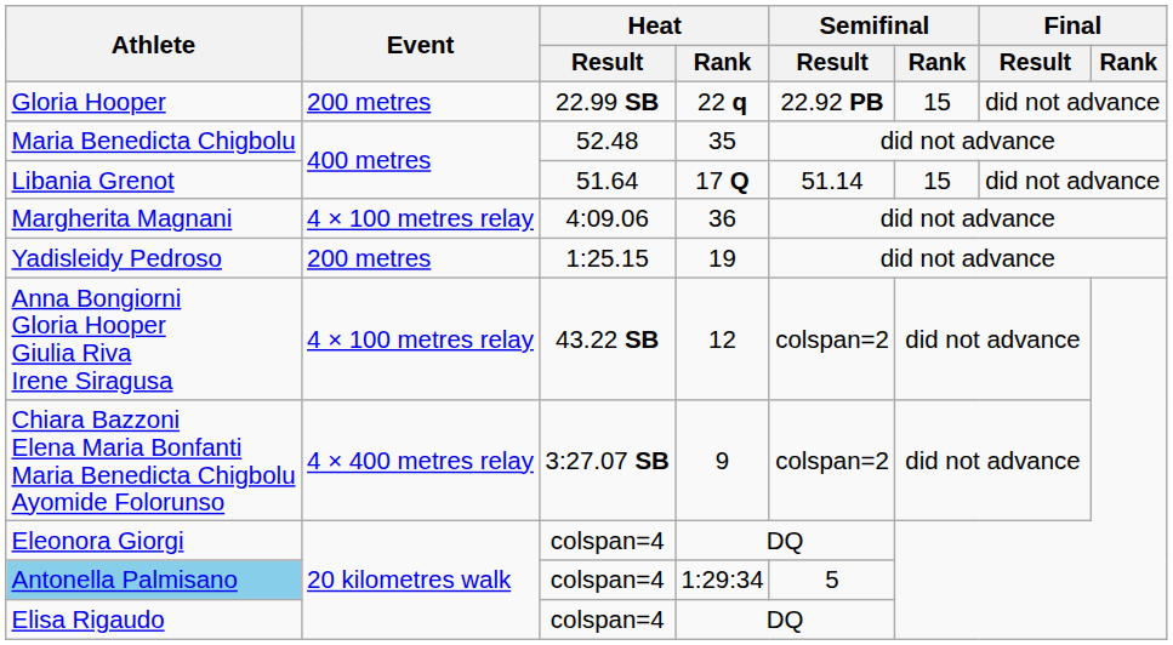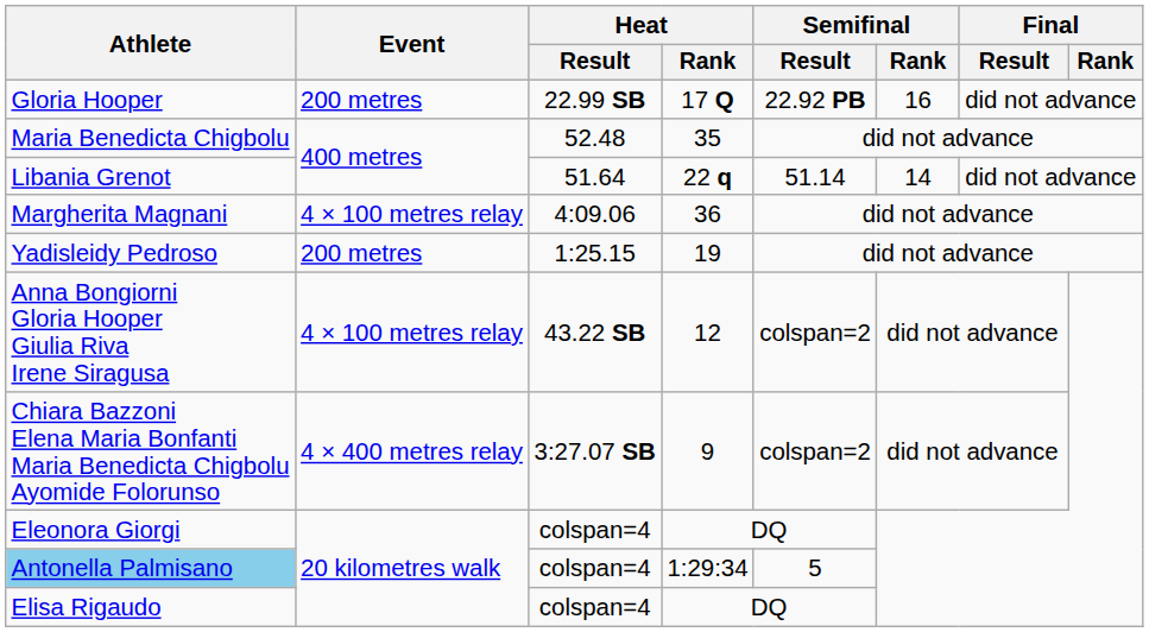 <table class="wikitable" style="font-size:90%">
 <tr>
 <th rowspan="2">Athlete</th>
 <th rowspan="2">Event</th>
 <th colspan="2">Heat</th>
 <th colspan="2">Semifinal</th>
 <th colspan="2">Final</th>
 </tr>
 <tr style="font-size:95%">
 <th>Result</th>
 <th>Rank</th>
 <th>Result</th>
 <th>Rank</th>
 <th>Result</th>
 <th>Rank</th>
 </tr>
 <tr style=text-align:center>
 <td style=text-align:left><a href='#'>Gloria Hooper</a></td>
 <td style=text-align:left><a href='#'>200 metres</a></td>
 <td>22.99 <strong>SB</strong></td>
-<td>22 <strong>q</strong></td>
+<td>17 <strong>Q</strong></td>
 <td>22.92 <strong>PB</strong></td>
-<td>15</td>
+<td>16</td>
 <td colspan="2">did not advance</td>
 </tr>
 <tr style=text-align:center>
 <td style=text-align:left><a href='#'>Maria Benedicta Chigbolu</a></td>
 <td style=text-align:left rowspan=2><a href='#'>400 metres</a></td>
 <td>52.48</td>
 <td>35</td>
 <td colspan="4">did not advance</td>
 </tr>
 <tr style=text-align:center>
 <td style=text-align:left><a href='#'>Libania Grenot</a></td>
 <td>51.64</td>
-<td>17 <strong>Q</strong></td>
+<td>22 <strong>q</strong></td>
 <td>51.14</td>
-<td>15</td>
+<td>14</td>
 <td colspan="2">did not advance</td>
 </tr>
 <tr style=text-align:center>
 <td style=text-align:left><a href='#'>Margherita Magnani</a></td>
 <td style=text-align:left><a href='#'>4 × 100 metres relay</a></td>
 <td>4:09.06</td>
 <td>36</td>
 <td colspan="4">did not advance</td>
 </tr>
 <tr style=text-align:center>
 <td style=text-align:left><a href='#'>Yadisleidy Pedroso</a></td>
 <td style=text-align:left><a href='#'>200 metres</a></td>
 <td>1:25.15</td>
 <td>19</td>
 <td colspan="4">did not advance</td>
 </tr>
 <tr style=text-align:center>
 <td style=text-align:left><a href='#'>Anna Bongiorni</a><br><a href='#'>Gloria Hooper</a><br><a href='#'>Giulia Riva</a><br><a href='#'>Irene Siragusa</a></td>
 <td style=text-align:left><a href='#'>4 × 100 metres relay</a></td>
 <td>43.22 <strong>SB</strong></td>
 <td>12</td>
 <td>colspan=2 </td>
 <td colspan="2">did not advance</td>
 </tr>
 <tr style=text-align:center>
 <td style=text-align:left><a href='#'>Chiara Bazzoni</a><br><a href='#'>Elena Maria Bonfanti</a><br><a href='#'>Maria Benedicta Chigbolu</a><br><a href='#'>Ayomide Folorunso</a></td>
 <td style=text-align:left><a href='#'>4 × 400 metres relay</a></td>
 <td>3:27.07 <strong>SB</strong></td>
 <td>9</td>
 <td>colspan=2 </td>
 <td colspan="2">did not advance</td>
 </tr>
 <tr style=text-align:center>
 <td style=text-align:left><a href='#'>Eleonora Giorgi</a></td>
 <td style=text-align:left rowspan=3><a href='#'>20 kilometres walk</a></td>
 <td>colspan=4 </td>
 <td colspan="2">DQ</td>
 </tr>
 <tr style=text-align:center>
 <td style=text-align:left bgcolor=SkyBlue><a href='#'>Antonella Palmisano</a></td>
 <td>colspan=4 </td>
 <td>1:29:34</td>
 <td>5</td>
 </tr>
 <tr style=text-align:center>
 <td style=text-align:left><a href='#'>Elisa Rigaudo</a></td>
 <td>colspan=4 </td>
 <td colspan="2">DQ</td>
 </tr>
 </table>
